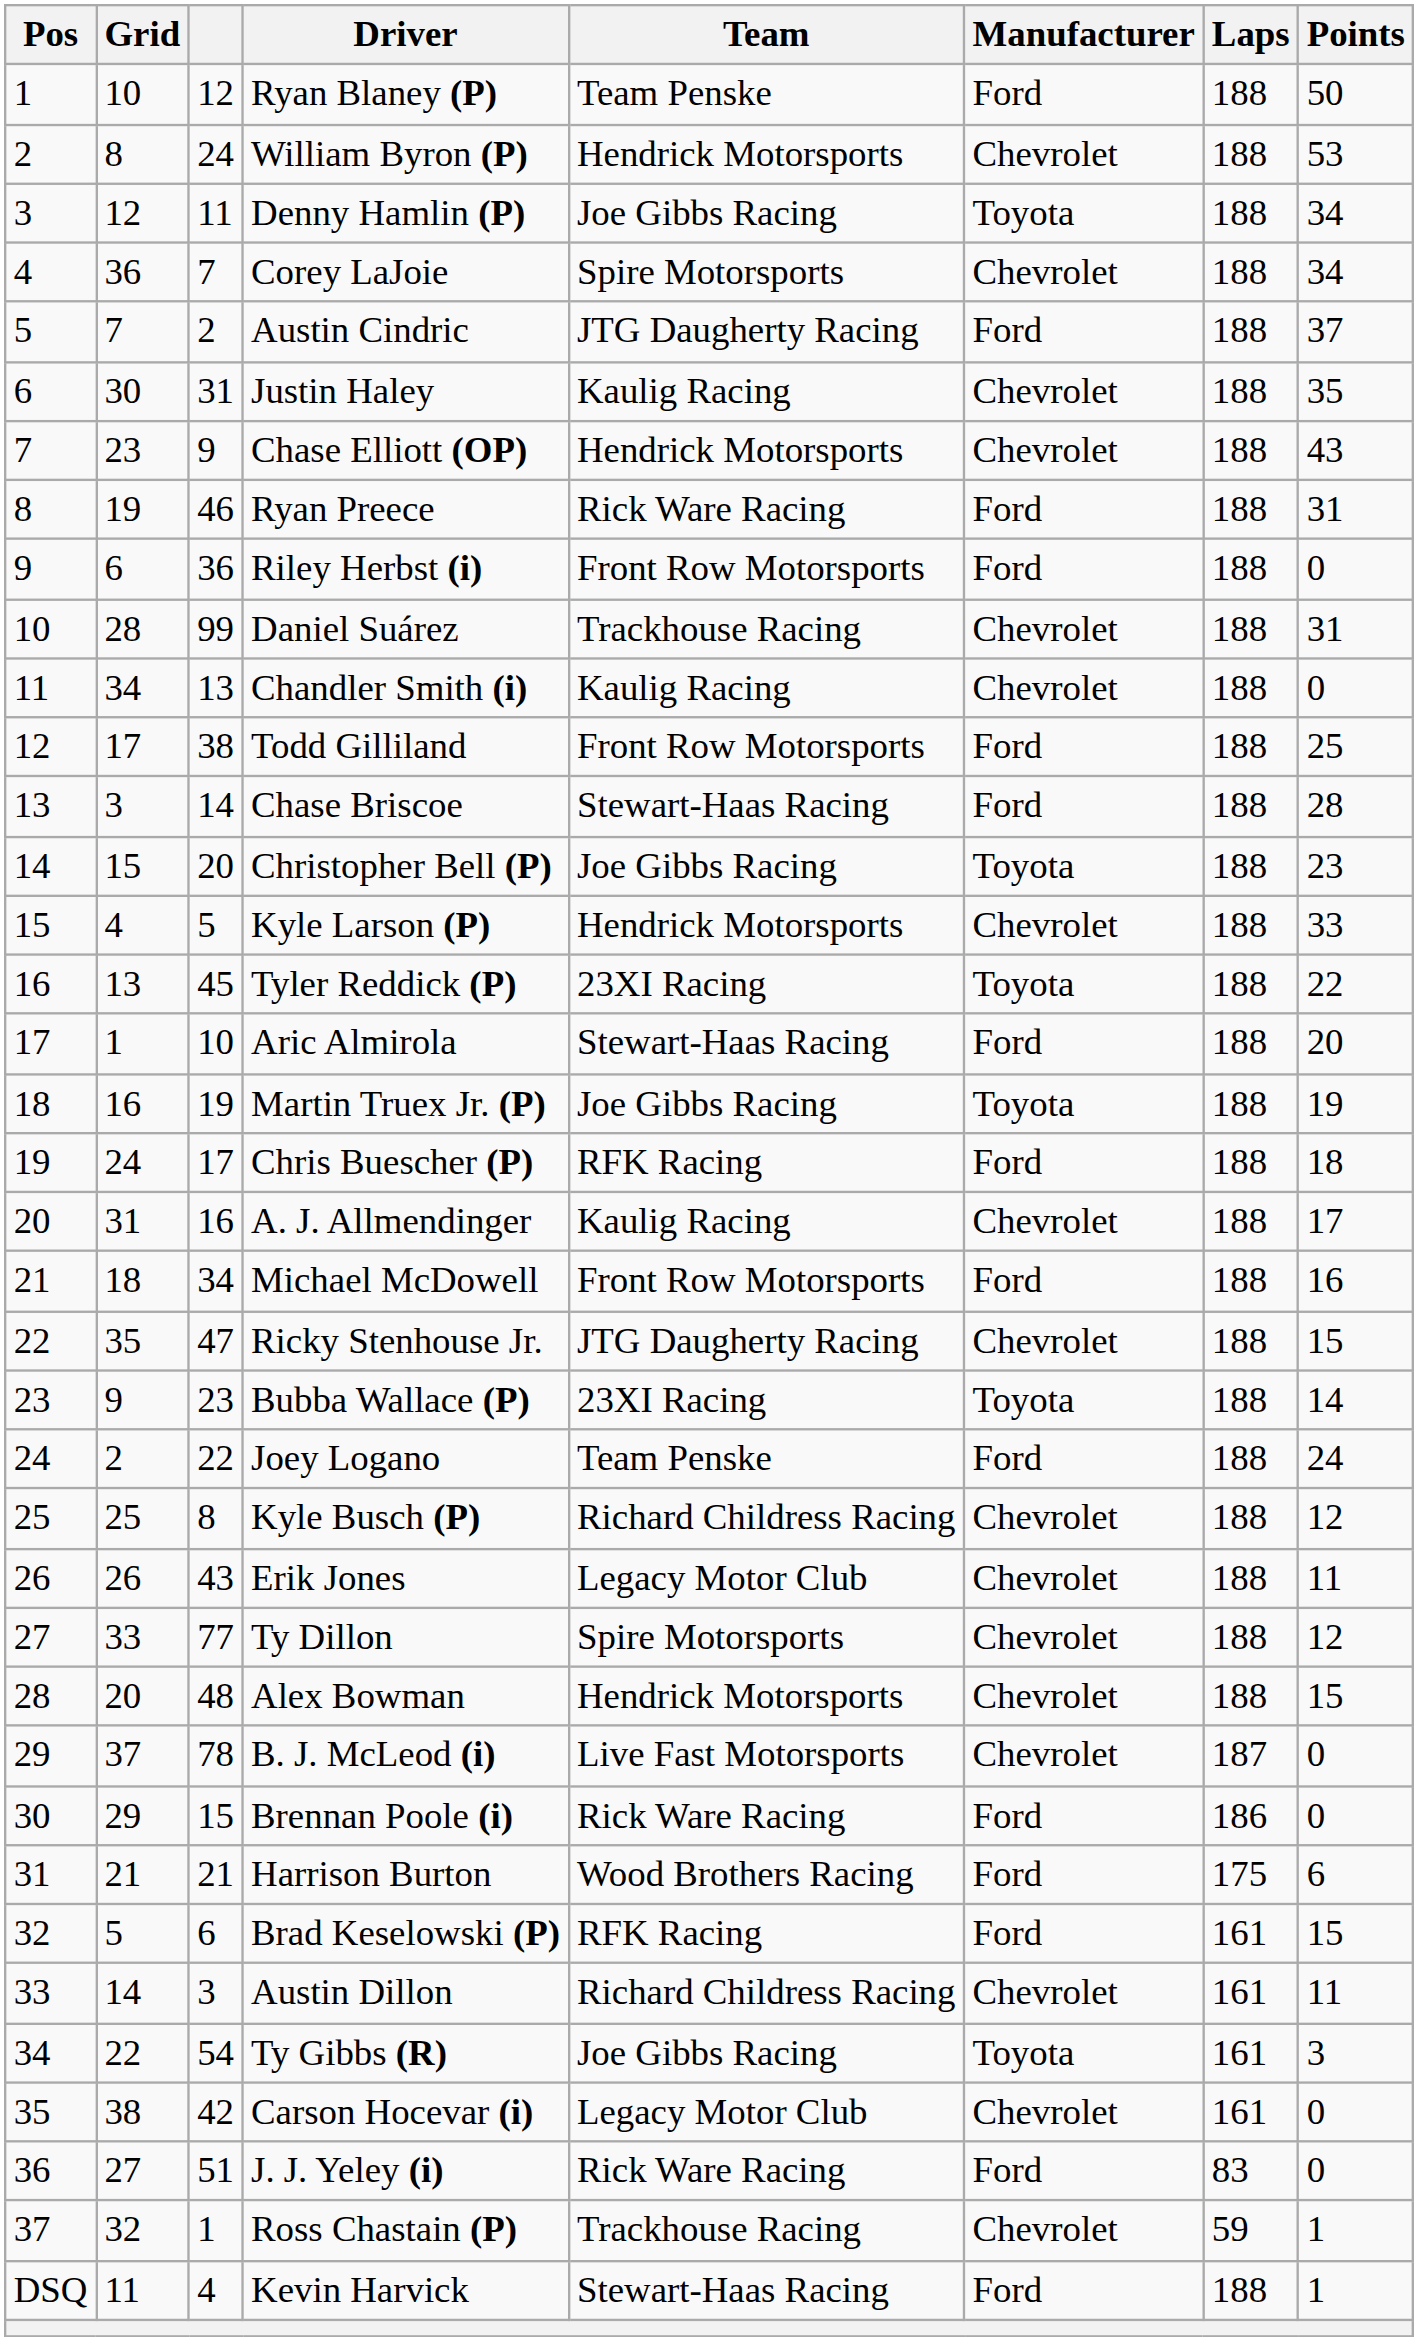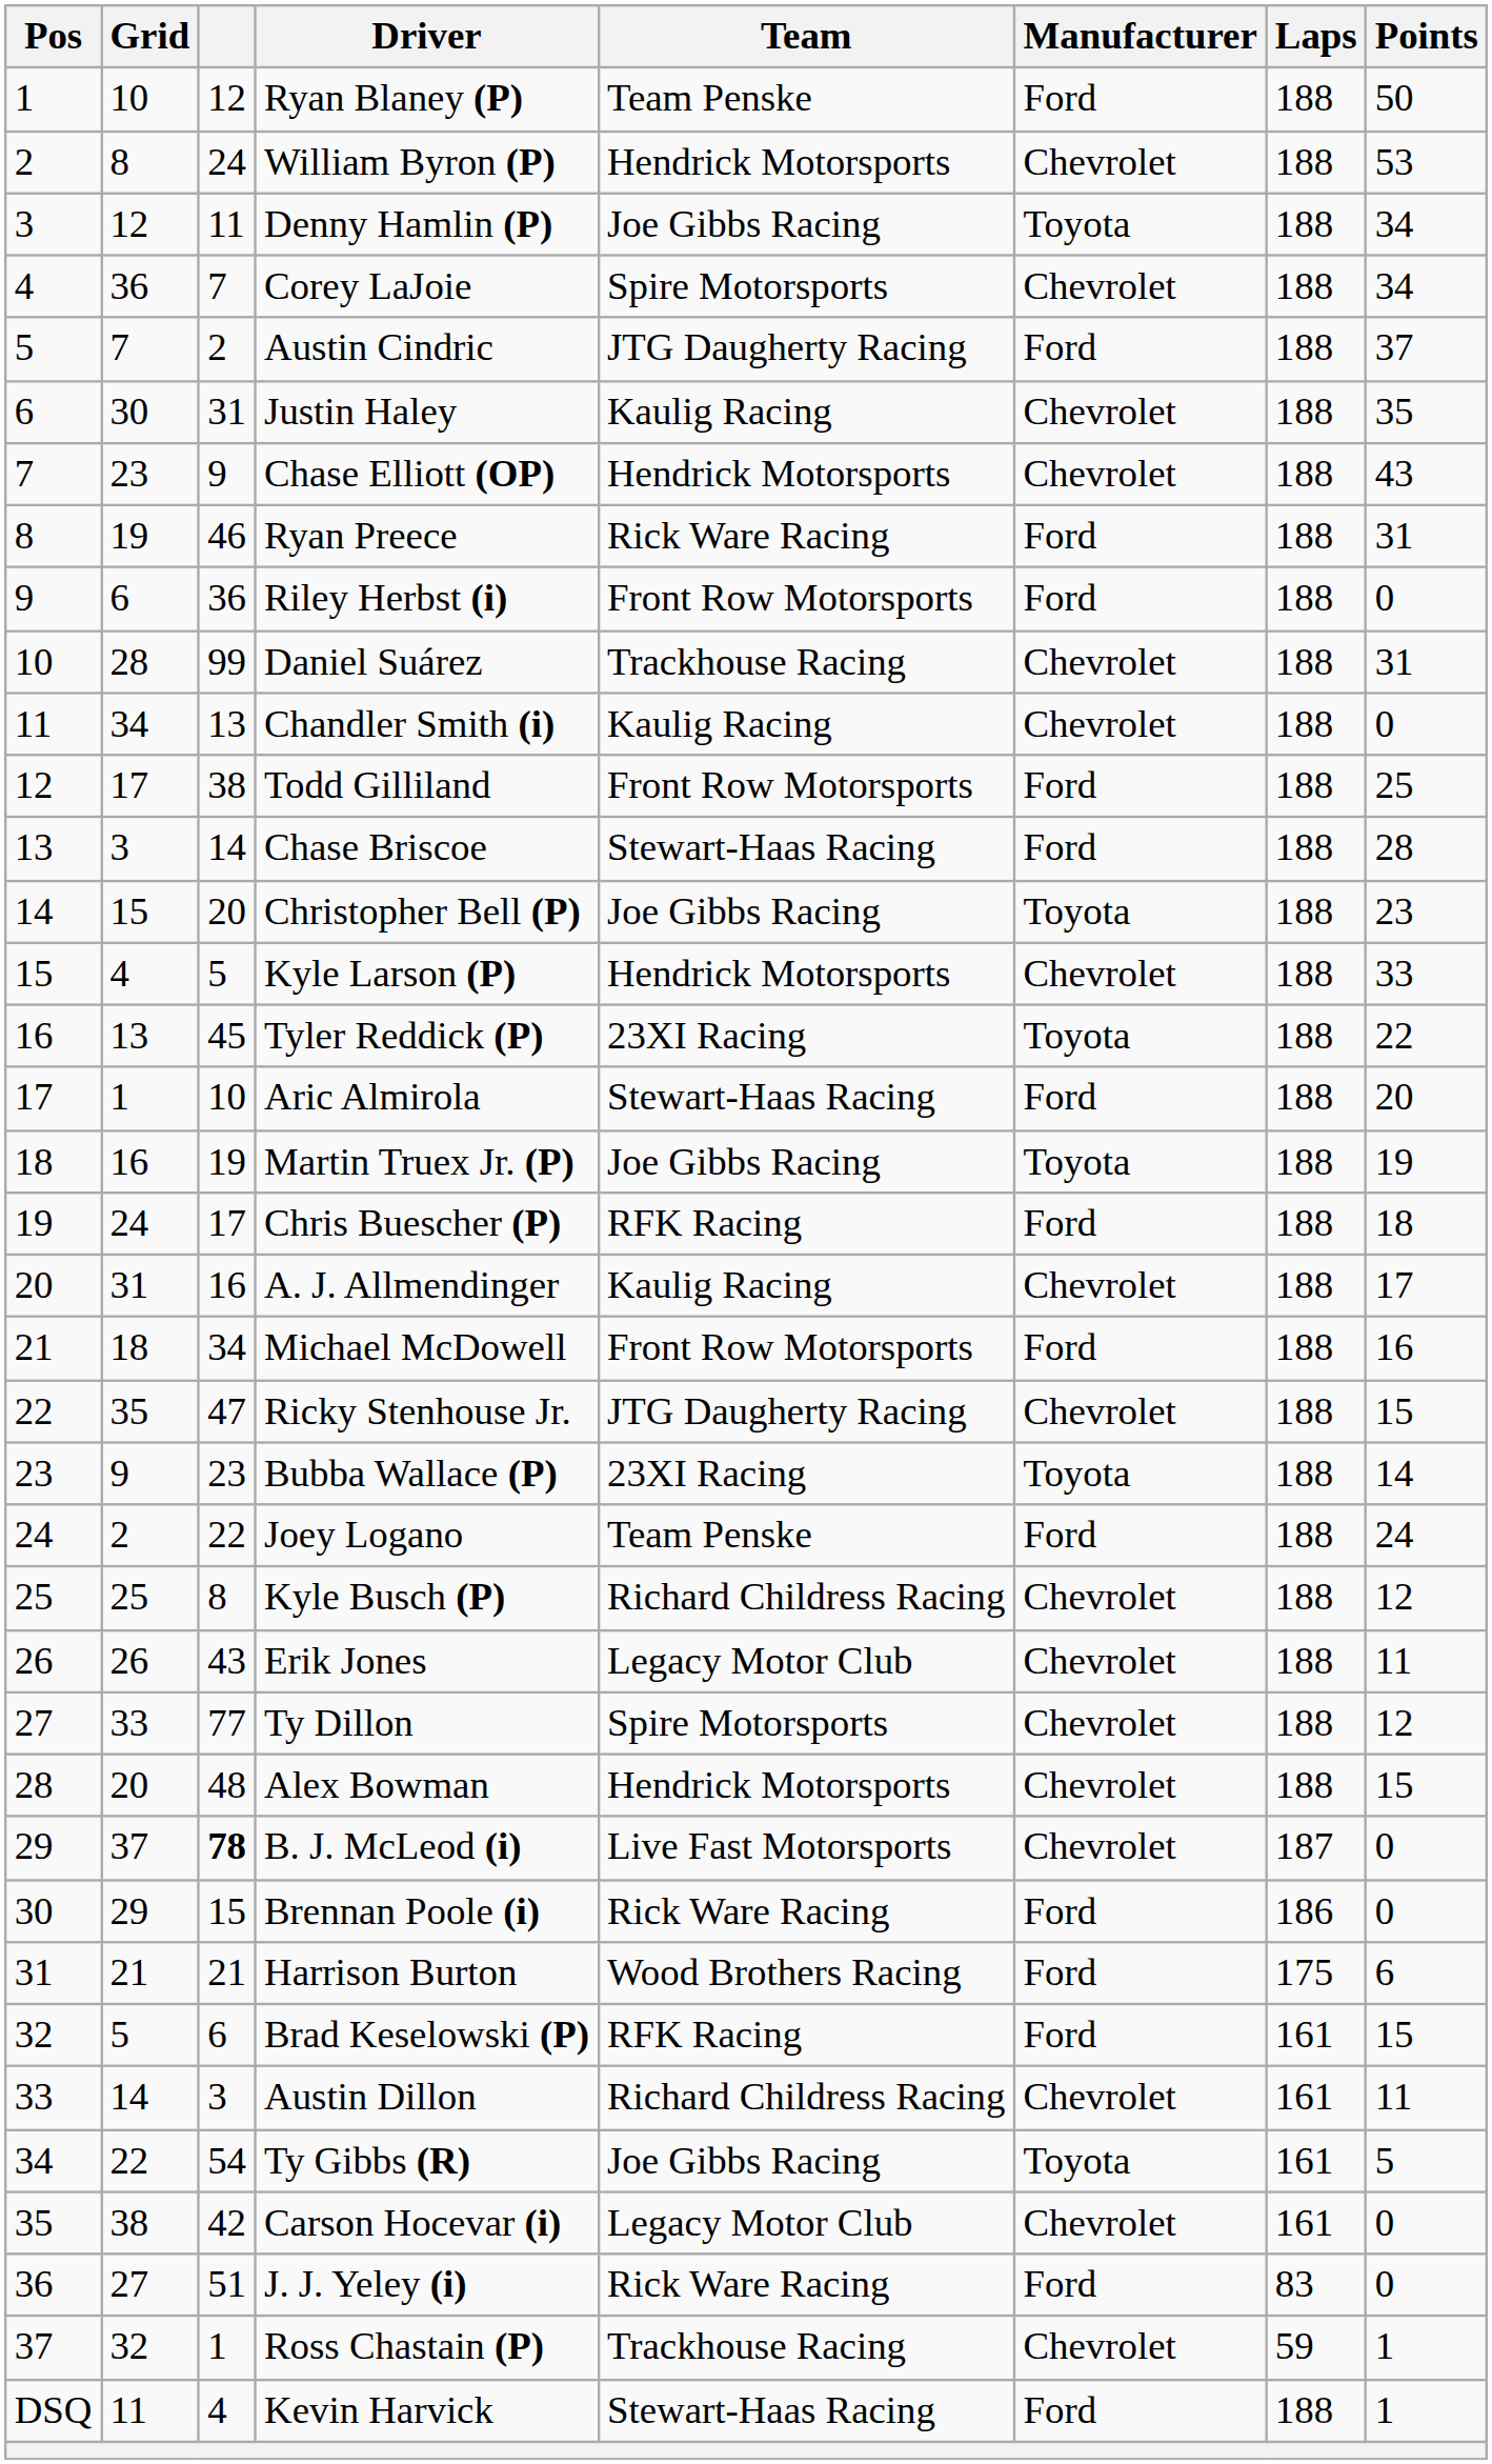 <table class="wikitable" style="font-size:98%">
 <tr>
 <th>Pos</th>
 <th>Grid</th>
 <th></th>
 <th>Driver</th>
 <th>Team</th>
 <th>Manufacturer</th>
 <th>Laps</th>
 <th>Points</th>
 </tr>
 <tr>
 <td>1</td>
 <td>10</td>
 <td>12</td>
 <td>Ryan Blaney <strong>(P)</strong></td>
 <td>Team Penske</td>
 <td>Ford</td>
 <td>188</td>
 <td>50</td>
 </tr>
 <tr>
 <td>2</td>
 <td>8</td>
 <td>24</td>
 <td>William Byron <strong>(P)</strong></td>
 <td>Hendrick Motorsports</td>
 <td>Chevrolet</td>
 <td>188</td>
 <td>53</td>
 </tr>
 <tr>
 <td>3</td>
 <td>12</td>
 <td>11</td>
 <td>Denny Hamlin <strong>(P)</strong></td>
 <td>Joe Gibbs Racing</td>
 <td>Toyota</td>
 <td>188</td>
 <td>34</td>
 </tr>
 <tr>
 <td>4</td>
 <td>36</td>
 <td>7</td>
 <td>Corey LaJoie</td>
 <td>Spire Motorsports</td>
 <td>Chevrolet</td>
 <td>188</td>
 <td>34</td>
 </tr>
 <tr>
 <td>5</td>
 <td>7</td>
 <td>2</td>
 <td>Austin Cindric</td>
 <td>JTG Daugherty Racing</td>
 <td>Ford</td>
 <td>188</td>
 <td>37</td>
 </tr>
 <tr>
 <td>6</td>
 <td>30</td>
 <td>31</td>
 <td>Justin Haley</td>
 <td>Kaulig Racing</td>
 <td>Chevrolet</td>
 <td>188</td>
 <td>35</td>
 </tr>
 <tr>
 <td>7</td>
 <td>23</td>
 <td>9</td>
 <td>Chase Elliott <strong>(OP)</strong></td>
 <td>Hendrick Motorsports</td>
 <td>Chevrolet</td>
 <td>188</td>
 <td>43</td>
 </tr>
 <tr>
 <td>8</td>
 <td>19</td>
 <td>46</td>
 <td>Ryan Preece</td>
 <td>Rick Ware Racing</td>
 <td>Ford</td>
 <td>188</td>
 <td>31</td>
 </tr>
 <tr>
 <td>9</td>
 <td>6</td>
 <td>36</td>
 <td>Riley Herbst <strong>(i)</strong></td>
 <td>Front Row Motorsports</td>
 <td>Ford</td>
 <td>188</td>
 <td>0</td>
 </tr>
 <tr>
 <td>10</td>
 <td>28</td>
 <td>99</td>
 <td>Daniel Suárez</td>
 <td>Trackhouse Racing</td>
 <td>Chevrolet</td>
 <td>188</td>
 <td>31</td>
 </tr>
 <tr>
 <td>11</td>
 <td>34</td>
 <td>13</td>
 <td>Chandler Smith <strong>(i)</strong></td>
 <td>Kaulig Racing</td>
 <td>Chevrolet</td>
 <td>188</td>
 <td>0</td>
 </tr>
 <tr>
 <td>12</td>
 <td>17</td>
 <td>38</td>
 <td>Todd Gilliland</td>
 <td>Front Row Motorsports</td>
 <td>Ford</td>
 <td>188</td>
 <td>25</td>
 </tr>
 <tr>
 <td>13</td>
 <td>3</td>
 <td>14</td>
 <td>Chase Briscoe</td>
 <td>Stewart-Haas Racing</td>
 <td>Ford</td>
 <td>188</td>
 <td>28</td>
 </tr>
 <tr>
 <td>14</td>
 <td>15</td>
 <td>20</td>
 <td>Christopher Bell <strong>(P)</strong></td>
 <td>Joe Gibbs Racing</td>
 <td>Toyota</td>
 <td>188</td>
 <td>23</td>
 </tr>
 <tr>
 <td>15</td>
 <td>4</td>
 <td>5</td>
 <td>Kyle Larson <strong>(P)</strong></td>
 <td>Hendrick Motorsports</td>
 <td>Chevrolet</td>
 <td>188</td>
 <td>33</td>
 </tr>
 <tr>
 <td>16</td>
 <td>13</td>
 <td>45</td>
 <td>Tyler Reddick <strong>(P)</strong></td>
 <td>23XI Racing</td>
 <td>Toyota</td>
 <td>188</td>
 <td>22</td>
 </tr>
 <tr>
 <td>17</td>
 <td>1</td>
 <td>10</td>
 <td>Aric Almirola</td>
 <td>Stewart-Haas Racing</td>
 <td>Ford</td>
 <td>188</td>
 <td>20</td>
 </tr>
 <tr>
 <td>18</td>
 <td>16</td>
 <td>19</td>
 <td>Martin Truex Jr. <strong>(P)</strong></td>
 <td>Joe Gibbs Racing</td>
 <td>Toyota</td>
 <td>188</td>
 <td>19</td>
 </tr>
 <tr>
 <td>19</td>
 <td>24</td>
 <td>17</td>
 <td>Chris Buescher <strong>(P)</strong></td>
 <td>RFK Racing</td>
 <td>Ford</td>
 <td>188</td>
 <td>18</td>
 </tr>
 <tr>
 <td>20</td>
 <td>31</td>
 <td>16</td>
 <td>A. J. Allmendinger</td>
 <td>Kaulig Racing</td>
 <td>Chevrolet</td>
 <td>188</td>
 <td>17</td>
 </tr>
 <tr>
 <td>21</td>
 <td>18</td>
 <td>34</td>
 <td>Michael McDowell</td>
 <td>Front Row Motorsports</td>
 <td>Ford</td>
 <td>188</td>
 <td>16</td>
 </tr>
 <tr>
 <td>22</td>
 <td>35</td>
 <td>47</td>
 <td>Ricky Stenhouse Jr.</td>
 <td>JTG Daugherty Racing</td>
 <td>Chevrolet</td>
 <td>188</td>
 <td>15</td>
 </tr>
 <tr>
 <td>23</td>
 <td>9</td>
 <td>23</td>
 <td>Bubba Wallace <strong>(P)</strong></td>
 <td>23XI Racing</td>
 <td>Toyota</td>
 <td>188</td>
 <td>14</td>
 </tr>
 <tr>
 <td>24</td>
 <td>2</td>
 <td>22</td>
 <td>Joey Logano</td>
 <td>Team Penske</td>
 <td>Ford</td>
 <td>188</td>
 <td>24</td>
 </tr>
 <tr>
 <td>25</td>
 <td>25</td>
 <td>8</td>
 <td>Kyle Busch <strong>(P)</strong></td>
 <td>Richard Childress Racing</td>
 <td>Chevrolet</td>
 <td>188</td>
 <td>12</td>
 </tr>
 <tr>
 <td>26</td>
 <td>26</td>
 <td>43</td>
 <td>Erik Jones</td>
 <td>Legacy Motor Club</td>
 <td>Chevrolet</td>
 <td>188</td>
 <td>11</td>
 </tr>
 <tr>
 <td>27</td>
 <td>33</td>
 <td>77</td>
 <td>Ty Dillon</td>
 <td>Spire Motorsports</td>
 <td>Chevrolet</td>
 <td>188</td>
 <td>12</td>
 </tr>
 <tr>
 <td>28</td>
 <td>20</td>
 <td>48</td>
 <td>Alex Bowman</td>
 <td>Hendrick Motorsports</td>
 <td>Chevrolet</td>
 <td>188</td>
 <td>15</td>
 </tr>
 <tr>
 <td>29</td>
 <td>37</td>
-<td>78</td>
+<td><strong>78</strong></td>
 <td>B. J. McLeod <strong>(i)</strong></td>
 <td>Live Fast Motorsports</td>
 <td>Chevrolet</td>
 <td>187</td>
 <td>0</td>
 </tr>
 <tr>
 <td>30</td>
 <td>29</td>
 <td>15</td>
 <td>Brennan Poole <strong>(i)</strong></td>
 <td>Rick Ware Racing</td>
 <td>Ford</td>
 <td>186</td>
 <td>0</td>
 </tr>
 <tr>
 <td>31</td>
 <td>21</td>
 <td>21</td>
 <td>Harrison Burton</td>
 <td>Wood Brothers Racing</td>
 <td>Ford</td>
 <td>175</td>
 <td>6</td>
 </tr>
 <tr>
 <td>32</td>
 <td>5</td>
 <td>6</td>
 <td>Brad Keselowski <strong>(P)</strong></td>
 <td>RFK Racing</td>
 <td>Ford</td>
 <td>161</td>
 <td>15</td>
 </tr>
 <tr>
 <td>33</td>
 <td>14</td>
 <td>3</td>
 <td>Austin Dillon</td>
 <td>Richard Childress Racing</td>
 <td>Chevrolet</td>
 <td>161</td>
 <td>11</td>
 </tr>
 <tr>
 <td>34</td>
 <td>22</td>
 <td>54</td>
 <td>Ty Gibbs <strong>(R)</strong></td>
 <td>Joe Gibbs Racing</td>
 <td>Toyota</td>
 <td>161</td>
-<td>3</td>
+<td>5</td>
 </tr>
 <tr>
 <td>35</td>
 <td>38</td>
 <td>42</td>
 <td>Carson Hocevar <strong>(i)</strong></td>
 <td>Legacy Motor Club</td>
 <td>Chevrolet</td>
 <td>161</td>
 <td>0</td>
 </tr>
 <tr>
 <td>36</td>
 <td>27</td>
 <td>51</td>
 <td>J. J. Yeley <strong>(i)</strong></td>
 <td>Rick Ware Racing</td>
 <td>Ford</td>
 <td>83</td>
 <td>0</td>
 </tr>
 <tr>
 <td>37</td>
 <td>32</td>
 <td>1</td>
 <td>Ross Chastain <strong>(P)</strong></td>
 <td>Trackhouse Racing</td>
 <td>Chevrolet</td>
 <td>59</td>
 <td>1</td>
 </tr>
 <tr>
 <td>DSQ</td>
 <td>11</td>
 <td>4</td>
 <td>Kevin Harvick </td>
 <td>Stewart-Haas Racing</td>
 <td>Ford</td>
 <td>188</td>
 <td>1</td>
 </tr>
 <tr>
 <th colspan="8"></th>
 </tr>
 </table>
